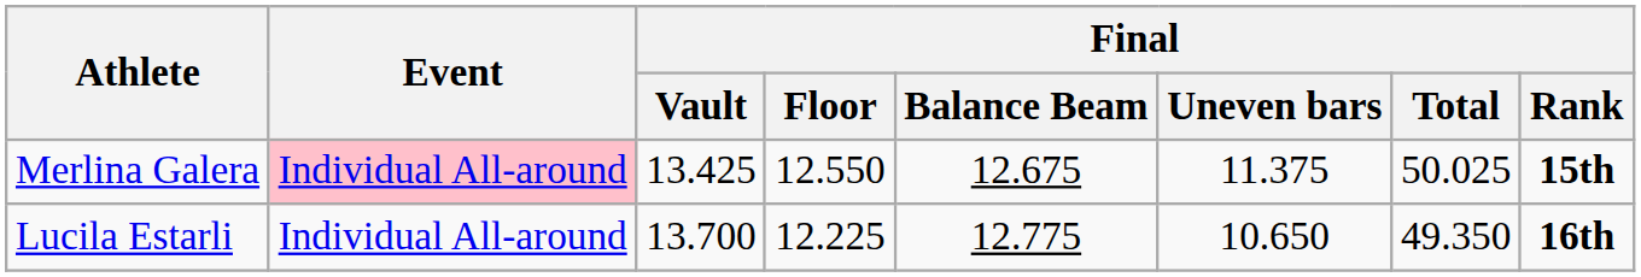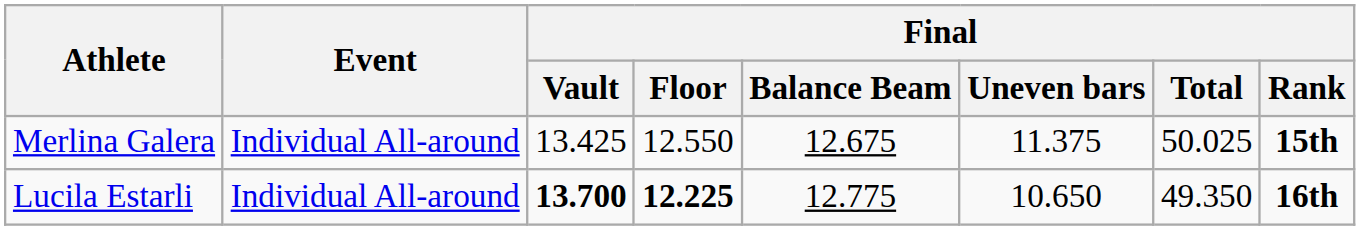 <table class="wikitable" style="font-size:90%">
 <tr>
 <th rowspan="2">Athlete</th>
 <th rowspan="2">Event</th>
 <th colspan = "6">Final</th>
 </tr>
 <tr>
 <th>Vault</th>
 <th>Floor</th>
 <th>Balance Beam</th>
 <th>Uneven bars</th>
 <th>Total</th>
 <th>Rank</th>
 </tr>
 <tr>
 <td><a href='#'>Merlina Galera</a></td>
-<td style="background: pink;"><a href='#'>Individual All-around</a></td>
+<td><a href='#'>Individual All-around</a></td>
 <td align=center>13.425</td>
 <td align=center>12.550</td>
 <td align=center><u>12.675</u></td>
 <td align=center>11.375</td>
 <td align=center>50.025</td>
 <td align=center><strong>15th</strong></td>
 </tr>
 <tr>
 <td><a href='#'>Lucila Estarli</a></td>
 <td><a href='#'>Individual All-around</a></td>
-<td align=center>13.700</td>
-<td align=center>12.225</td>
+<td align=center><strong>13.700</strong></td>
+<td align=center><strong>12.225</strong></td>
 <td align=center><u>12.775</u></td>
 <td align=center>10.650</td>
 <td align=center>49.350</td>
 <td align=center><strong>16th</strong></td>
 </tr>
 </table>
